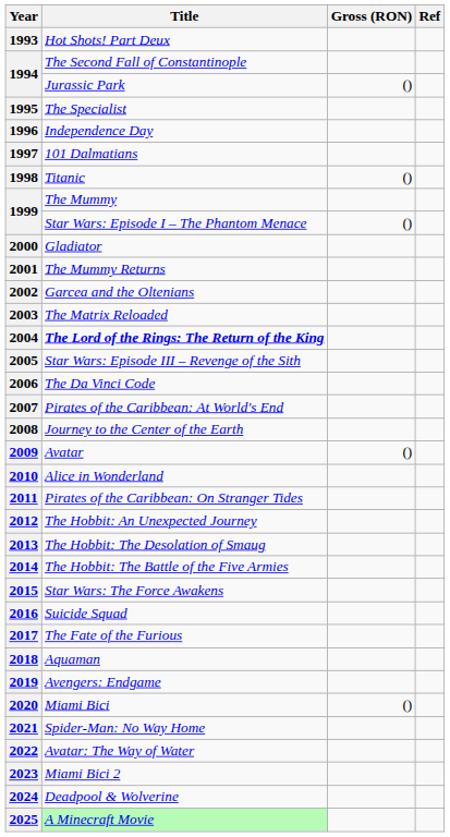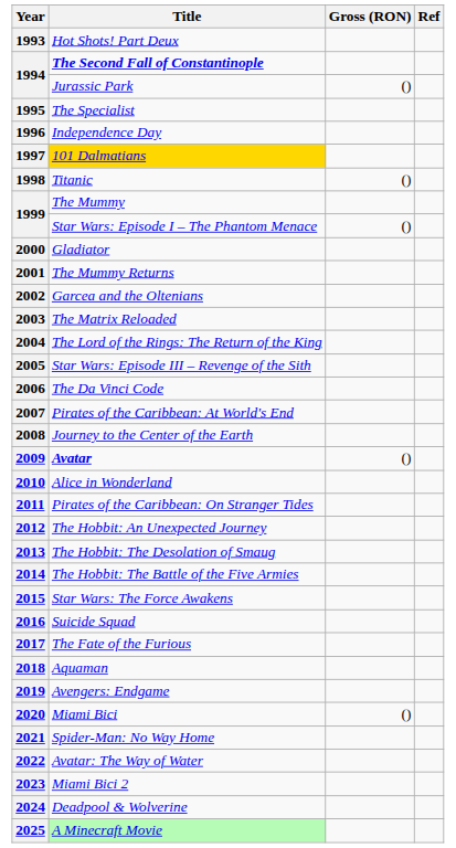 <table class="wikitable plainrowheaders" style="margin:auto; margin:auto;">
 <tr>
 <th scope="col">Year</th>
 <th scope="col">Title</th>
 <th scope="col">Gross (RON)</th>
 <th scope="col">Ref</th>
 </tr>
 <tr>
 <th scope="row">1993</th>
 <td><em><a href='#'>Hot Shots! Part Deux</a></em></td>
 <td align="right"></td>
 <td style="text-align:center;"></td>
 </tr>
 <tr>
 <th scope="row" rowspan="2">1994</th>
-<td><em><a href='#'>The Second Fall of Constantinople</a></em></td>
+<td><strong><em><a href='#'>The Second Fall of Constantinople</a></em></strong></td>
 <td align="right"></td>
 <td style="text-align:center;"></td>
 </tr>
 <tr>
 <td><em><a href='#'>Jurassic Park</a></em></td>
 <td align="right"> ()</td>
 <td style="text-align:center;"></td>
 </tr>
 <tr>
 <th scope="row">1995</th>
 <td><em><a href='#'>The Specialist</a></em></td>
 <td align="right"></td>
 <td style="text-align:center;"></td>
 </tr>
 <tr>
 <th scope="row">1996</th>
 <td><em><a href='#'>Independence Day</a></em></td>
 <td align="right"></td>
 <td style="text-align:center;"></td>
 </tr>
 <tr>
 <th scope="row">1997</th>
-<td><em><a href='#'>101 Dalmatians</a></em></td>
+<td style="background: gold;"><em><a href='#'>101 Dalmatians</a></em></td>
 <td align="right"></td>
 <td style="text-align:center;"></td>
 </tr>
 <tr>
 <th scope="row">1998</th>
 <td><em><a href='#'>Titanic</a></em></td>
 <td align="right"> ()</td>
 <td style="text-align:center;"></td>
 </tr>
 <tr>
 <th scope="row" rowspan="2">1999</th>
 <td><em><a href='#'>The Mummy</a></em></td>
 <td align="right"></td>
 <td style="text-align:center;"></td>
 </tr>
 <tr>
 <td><em><a href='#'>Star Wars: Episode I – The Phantom Menace</a></em></td>
 <td align="right"> ()</td>
 <td style="text-align:center;"></td>
 </tr>
 <tr>
 <th scope="row">2000</th>
 <td><em><a href='#'>Gladiator</a></em></td>
 <td align="right"></td>
 <td style="text-align:center;"></td>
 </tr>
 <tr>
 <th scope="row">2001</th>
 <td><em><a href='#'>The Mummy Returns</a></em></td>
 <td align="right"></td>
 <td style="text-align:center;"></td>
 </tr>
 <tr>
 <th scope="row">2002</th>
 <td><em><a href='#'>Garcea and the Oltenians</a></em></td>
 <td align="right"></td>
 <td style="text-align:center;"></td>
 </tr>
 <tr>
 <th scope="row">2003</th>
 <td><em><a href='#'>The Matrix Reloaded</a></em></td>
 <td align="right"></td>
 <td style="text-align:center;"></td>
 </tr>
 <tr>
 <th scope="row">2004</th>
-<td><strong><em><a href='#'>The Lord of the Rings: The Return of the King</a></em></strong></td>
+<td><em><a href='#'>The Lord of the Rings: The Return of the King</a></em></td>
 <td align="right"></td>
 <td style="text-align:center;"></td>
 </tr>
 <tr>
 <th scope="row">2005</th>
 <td><em><a href='#'>Star Wars: Episode III – Revenge of the Sith</a></em></td>
 <td align="right"></td>
 <td style="text-align:center;"></td>
 </tr>
 <tr>
 <th scope="row">2006</th>
 <td><em><a href='#'>The Da Vinci Code</a></em></td>
 <td align="right"></td>
 <td style="text-align:center;"></td>
 </tr>
 <tr>
 <th scope="row">2007</th>
 <td><em><a href='#'>Pirates of the Caribbean: At World's End</a></em></td>
 <td align="right"></td>
 <td style="text-align:center;"></td>
 </tr>
 <tr>
 <th scope="row">2008</th>
 <td><em><a href='#'>Journey to the Center of the Earth</a></em></td>
 <td align="right"></td>
 <td style="text-align:center;"></td>
 </tr>
 <tr>
 <th scope="row"><a href='#'>2009</a></th>
-<td><em><a href='#'>Avatar</a></em></td>
+<td><strong><em><a href='#'>Avatar</a></em></strong></td>
 <td align="right"> ()</td>
 <td style="text-align:center;"></td>
 </tr>
 <tr>
 <th scope="row"><a href='#'>2010</a></th>
 <td><em><a href='#'>Alice in Wonderland</a></em></td>
 <td align="right"></td>
 <td style="text-align:center;"></td>
 </tr>
 <tr>
 <th scope="row"><a href='#'>2011</a></th>
 <td><em><a href='#'>Pirates of the Caribbean: On Stranger Tides</a></em></td>
 <td align="right"></td>
 <td style="text-align:center;"></td>
 </tr>
 <tr>
 <th scope="row"><a href='#'>2012</a></th>
 <td><em><a href='#'>The Hobbit: An Unexpected Journey</a></em></td>
 <td align="right"></td>
 <td style="text-align:center;"></td>
 </tr>
 <tr>
 <th scope="row"><a href='#'>2013</a></th>
 <td><em><a href='#'>The Hobbit: The Desolation of Smaug</a></em></td>
 <td align="right"></td>
 <td style="text-align:center;"></td>
 </tr>
 <tr>
 <th scope="row"><a href='#'>2014</a></th>
 <td><em><a href='#'>The Hobbit: The Battle of the Five Armies</a></em></td>
 <td align="right"></td>
 <td style="text-align:center;"></td>
 </tr>
 <tr>
 <th scope="row"><a href='#'>2015</a></th>
 <td><em><a href='#'>Star Wars: The Force Awakens</a></em></td>
 <td align="right"></td>
 <td style="text-align:center;"></td>
 </tr>
 <tr>
 <th scope="row"><a href='#'>2016</a></th>
 <td><em><a href='#'>Suicide Squad</a></em></td>
 <td align="right"></td>
 <td style="text-align:center;"></td>
 </tr>
 <tr>
 <th scope="row"><a href='#'>2017</a></th>
 <td><em><a href='#'>The Fate of the Furious</a></em></td>
 <td align="right"></td>
 <td style="text-align:center;"></td>
 </tr>
 <tr>
 <th scope="row"><a href='#'>2018</a></th>
 <td><em><a href='#'>Aquaman</a></em></td>
 <td align="right"></td>
 <td style="text-align:center;"></td>
 </tr>
 <tr>
 <th scope="row"><a href='#'>2019</a></th>
 <td><em><a href='#'>Avengers: Endgame</a></em></td>
 <td align="right"></td>
 <td style="text-align:center;"></td>
 </tr>
 <tr>
 <th scope="row"><a href='#'>2020</a></th>
 <td><em><a href='#'>Miami Bici</a></em></td>
 <td align="right"> ()</td>
 <td style="text-align:center;"></td>
 </tr>
 <tr>
 <th scope="row"><a href='#'>2021</a></th>
 <td><em><a href='#'>Spider-Man: No Way Home</a></em></td>
 <td align="right"></td>
 <td style="text-align:center;"></td>
 </tr>
 <tr>
 <th scope="row"><a href='#'>2022</a></th>
 <td><em><a href='#'>Avatar: The Way of Water</a></em></td>
 <td align="right"></td>
 <td style="text-align:center;"></td>
 </tr>
 <tr>
 <th scope="row"><a href='#'>2023</a></th>
 <td><em><a href='#'>Miami Bici 2</a></em></td>
 <td align="right"></td>
 <td style="text-align:center;"></td>
 </tr>
 <tr>
 <th scope="row"><a href='#'>2024</a></th>
 <td><em><a href='#'>Deadpool & Wolverine</a></em></td>
 <td align="right"></td>
 <td style="text-align:center;"></td>
 </tr>
 <tr>
 <th scope="row"><a href='#'>2025</a></th>
 <td style="background:#b6fcb6;"><em><a href='#'>A Minecraft Movie</a></em></td>
 <td align="right"></td>
 <td style="text-align:center;"></td>
 </tr>
 </table>
